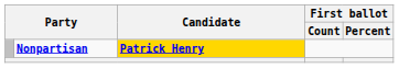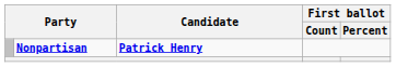 <table class=wikitable>
 <tr>
 <th colspan=2 rowspan=2 style="width: 130px">Party</th>
 <th rowspan=2 style="width: 17em">Candidate</th>
 <th colspan=2>First ballot</th>
 </tr>
 <tr>
 <th style="width: 2.5em">Count</th>
 <th style="width: 2.5em">Percent</th>
 </tr>
 <tr>
 <td style="background-color:#C0C0C0; width:5px;"></td>
 <td><strong><a href='#'>Nonpartisan</a></strong></td>
-<td style="background: gold;"><strong><a href='#'>Patrick Henry</a></strong></td>
+<td><strong><a href='#'>Patrick Henry</a></strong></td>
 <td align=right colspan=2></td>
 </tr>
 <tr>
 <th colspan=3></th>
 <th></th>
 <th></th>
 </tr>
 </table>
